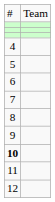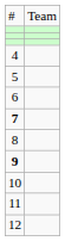 <table class="wikitable">
 <tr>
 <td>#</td>
 <td>Team</td>
 </tr>
 <tr bgcolor=ccffcc>
 <td align=center></td>
 <td></td>
 </tr>
 <tr bgcolor=ccffcc>
 <td align=center></td>
 <td></td>
 </tr>
 <tr bgcolor=ccffcc>
 <td align=center></td>
 <td></td>
 </tr>
 <tr>
 <td align=center>4</td>
 <td></td>
 </tr>
 <tr>
 <td align=center>5</td>
 <td></td>
 </tr>
 <tr>
 <td align=center>6</td>
 <td></td>
 </tr>
 <tr>
-<td align=center>7</td>
+<td align=center><strong>7</strong></td>
 <td></td>
 </tr>
 <tr>
 <td align=center>8</td>
 <td></td>
 </tr>
 <tr>
-<td align=center>9</td>
+<td align=center><strong>9</strong></td>
 <td></td>
 </tr>
 <tr>
-<td align=center><strong>10</strong></td>
+<td align=center>10</td>
 <td></td>
 </tr>
 <tr>
 <td align=center>11</td>
 <td></td>
 </tr>
 <tr>
 <td align=center>12</td>
 <td></td>
 </tr>
 </table>
